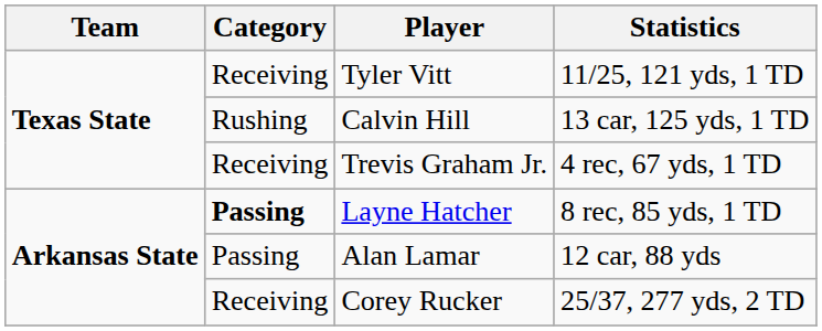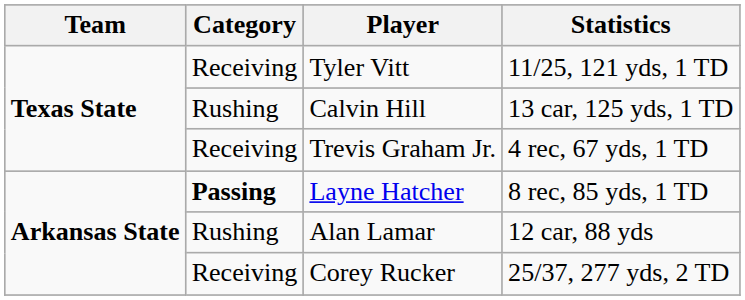 <table class="wikitable" style="float: left;">
 <tr>
 <th>Team</th>
 <th>Category</th>
 <th>Player</th>
 <th>Statistics</th>
 </tr>
 <tr>
 <td rowspan=3><strong>Texas State</strong></td>
 <td>Receiving</td>
 <td>Tyler Vitt</td>
 <td>11/25, 121 yds, 1 TD</td>
 </tr>
 <tr>
 <td>Rushing</td>
 <td>Calvin Hill</td>
 <td>13 car, 125 yds, 1 TD</td>
 </tr>
 <tr>
 <td>Receiving</td>
 <td>Trevis Graham Jr.</td>
 <td>4 rec, 67 yds, 1 TD</td>
 </tr>
 <tr>
 <td rowspan=3><strong>Arkansas State</strong></td>
 <td><strong>Passing</strong></td>
 <td><a href='#'>Layne Hatcher</a></td>
 <td>8 rec, 85 yds, 1 TD</td>
 </tr>
 <tr>
-<td>Passing</td>
+<td>Rushing</td>
 <td>Alan Lamar</td>
 <td>12 car, 88 yds</td>
 </tr>
 <tr>
 <td>Receiving</td>
 <td>Corey Rucker</td>
 <td>25/37, 277 yds, 2 TD</td>
 </tr>
 </table>
